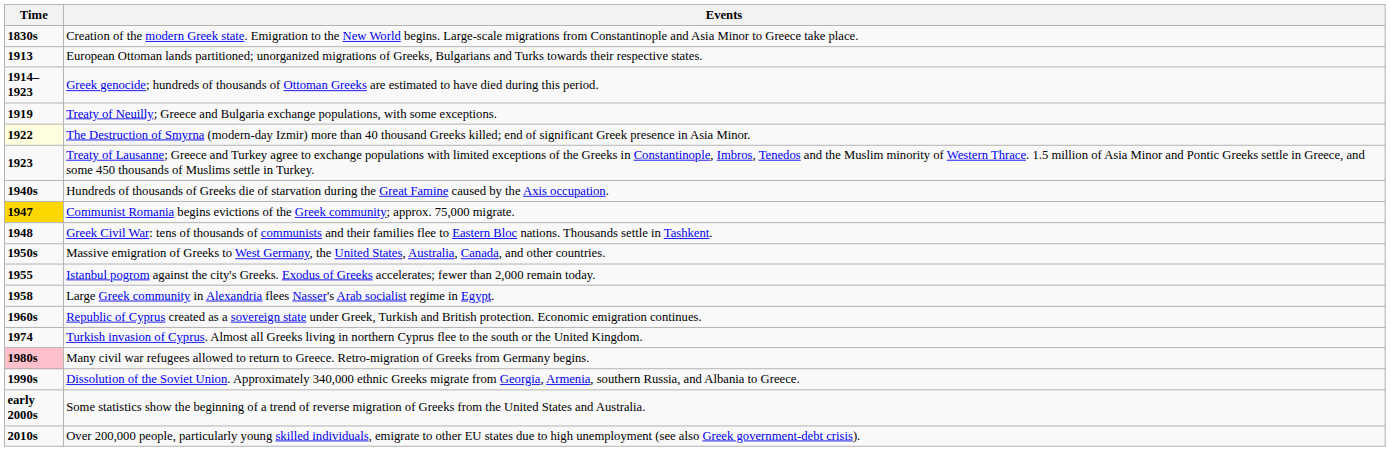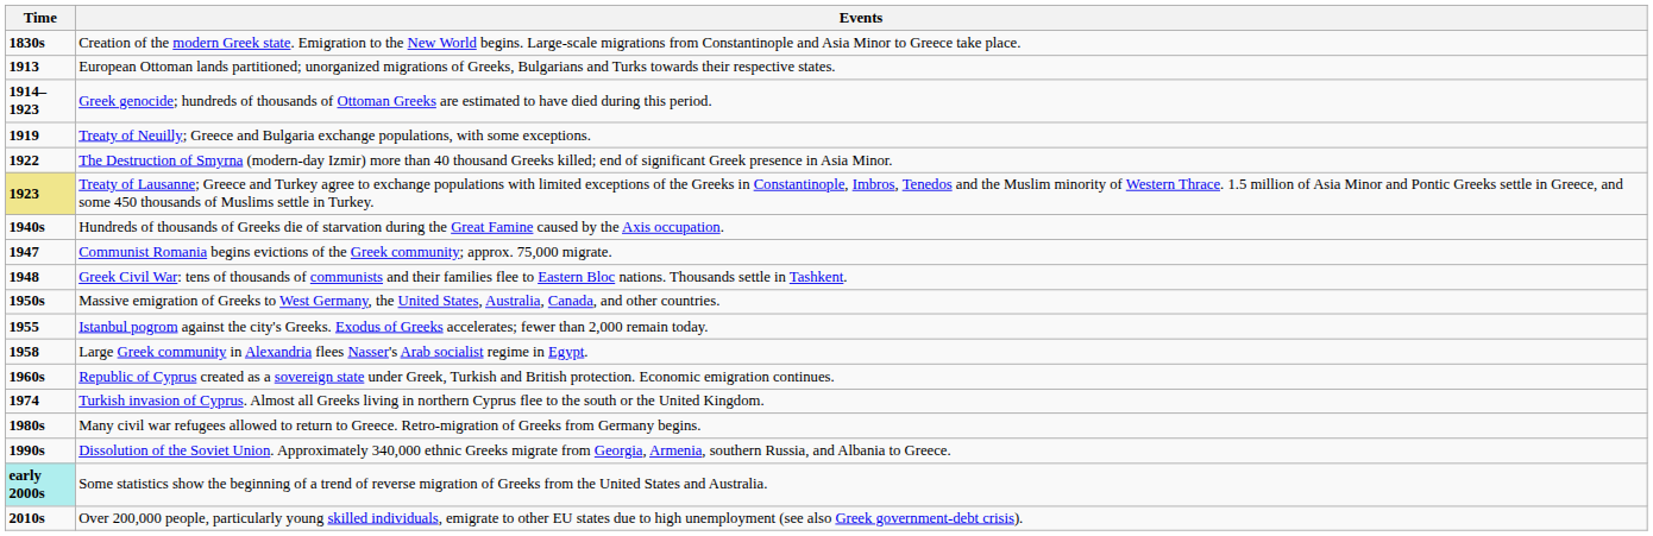 <table class="wikitable" style="font-size:90%;">
 <tr>
 <th style="width:60px">Time</th>
 <th>Events</th>
 </tr>
 <tr>
 <td><strong>1830s</strong></td>
 <td>Creation of the <a href='#'>modern Greek state</a>. Emigration to the <a href='#'>New World</a> begins. Large-scale migrations from Constantinople and Asia Minor to Greece take place.</td>
 </tr>
 <tr>
 <td><strong>1913</strong></td>
 <td>European Ottoman lands partitioned; unorganized migrations of Greeks, Bulgarians and Turks towards their respective states.</td>
 </tr>
 <tr>
 <td><strong>1914–1923</strong></td>
 <td><a href='#'>Greek genocide</a>; hundreds of thousands of <a href='#'>Ottoman Greeks</a> are estimated to have died during this period.</td>
 </tr>
 <tr>
 <td><strong>1919</strong></td>
 <td><a href='#'>Treaty of Neuilly</a>; Greece and Bulgaria exchange populations, with some exceptions.</td>
 </tr>
 <tr>
-<td style="background: lightyellow;"><strong>1922</strong></td>
+<td><strong>1922</strong></td>
 <td><a href='#'>The Destruction of Smyrna</a> (modern-day Izmir) more than 40 thousand Greeks killed; end of significant Greek presence in Asia Minor.</td>
 </tr>
 <tr>
-<td><strong>1923</strong></td>
+<td style="background: khaki;"><strong>1923</strong></td>
 <td><a href='#'>Treaty of Lausanne</a>; Greece and Turkey agree to exchange populations with limited exceptions of the Greeks in <a href='#'>Constantinople</a>, <a href='#'>Imbros</a>, <a href='#'>Tenedos</a> and the Muslim minority of <a href='#'>Western Thrace</a>. 1.5 million of Asia Minor and Pontic Greeks settle in Greece, and some 450 thousands of Muslims settle in Turkey.</td>
 </tr>
 <tr>
 <td><strong>1940s</strong></td>
 <td>Hundreds of thousands of Greeks die of starvation during the <a href='#'>Great Famine</a> caused by the <a href='#'>Axis occupation</a>.</td>
 </tr>
 <tr>
-<td style="background: gold;"><strong>1947</strong></td>
+<td><strong>1947</strong></td>
 <td><a href='#'>Communist Romania</a> begins evictions of the <a href='#'>Greek community</a>; approx. 75,000 migrate.</td>
 </tr>
 <tr>
 <td><strong>1948</strong></td>
 <td><a href='#'>Greek Civil War</a>: tens of thousands of <a href='#'>communists</a> and their families flee to <a href='#'>Eastern Bloc</a> nations. Thousands settle in <a href='#'>Tashkent</a>.</td>
 </tr>
 <tr>
 <td><strong>1950s</strong></td>
 <td>Massive emigration of Greeks to <a href='#'>West Germany</a>, the <a href='#'>United States</a>, <a href='#'>Australia</a>, <a href='#'>Canada</a>, and other countries.</td>
 </tr>
 <tr>
 <td><strong>1955</strong></td>
 <td><a href='#'>Istanbul pogrom</a> against the city's Greeks. <a href='#'>Exodus of Greeks</a> accelerates; fewer than 2,000 remain today.</td>
 </tr>
 <tr>
 <td><strong>1958</strong></td>
 <td>Large <a href='#'>Greek community</a> in <a href='#'>Alexandria</a> flees <a href='#'>Nasser</a>'s <a href='#'>Arab socialist</a> regime in <a href='#'>Egypt</a>.</td>
 </tr>
 <tr>
 <td><strong>1960s</strong></td>
 <td><a href='#'>Republic of Cyprus</a> created as a <a href='#'>sovereign state</a> under Greek, Turkish and British protection. Economic emigration continues.</td>
 </tr>
 <tr>
 <td><strong>1974</strong></td>
 <td><a href='#'>Turkish invasion of Cyprus</a>. Almost all Greeks living in northern Cyprus flee to the south or the United Kingdom.</td>
 </tr>
 <tr>
-<td style="background: pink;"><strong>1980s</strong></td>
+<td><strong>1980s</strong></td>
 <td>Many civil war refugees allowed to return to Greece. Retro-migration of Greeks from Germany begins.</td>
 </tr>
 <tr>
 <td><strong>1990s</strong></td>
 <td><a href='#'>Dissolution of the Soviet Union</a>. Approximately 340,000 ethnic Greeks migrate from <a href='#'>Georgia</a>, <a href='#'>Armenia</a>, southern Russia, and Albania to Greece.</td>
 </tr>
 <tr>
-<td><strong>early 2000s</strong></td>
+<td style="background: paleturquoise;"><strong>early 2000s</strong></td>
 <td>Some statistics show the beginning of a trend of reverse migration of Greeks from the United States and Australia.</td>
 </tr>
 <tr>
 <td><strong>2010s</strong></td>
 <td>Over 200,000 people, particularly young <a href='#'>skilled individuals</a>, emigrate to other EU states due to high unemployment (see also <a href='#'>Greek government-debt crisis</a>).</td>
 </tr>
 </table>
